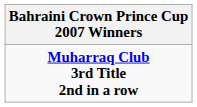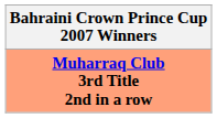 <table class="wikitable" style="text-align: center; margin: 0 auto;">
 <tr>
 <th>Bahraini Crown Prince Cup <br>2007 Winners</th>
 </tr>
 <tr>
-<td><strong><a href='#'>Muharraq Club</a></strong><br><strong>3rd Title</strong> <br> <strong>2nd in a row</strong></td>
+<td style="background: lightsalmon;"><strong><a href='#'>Muharraq Club</a></strong><br><strong>3rd Title</strong> <br> <strong>2nd in a row</strong></td>
 </tr>
 </table>
